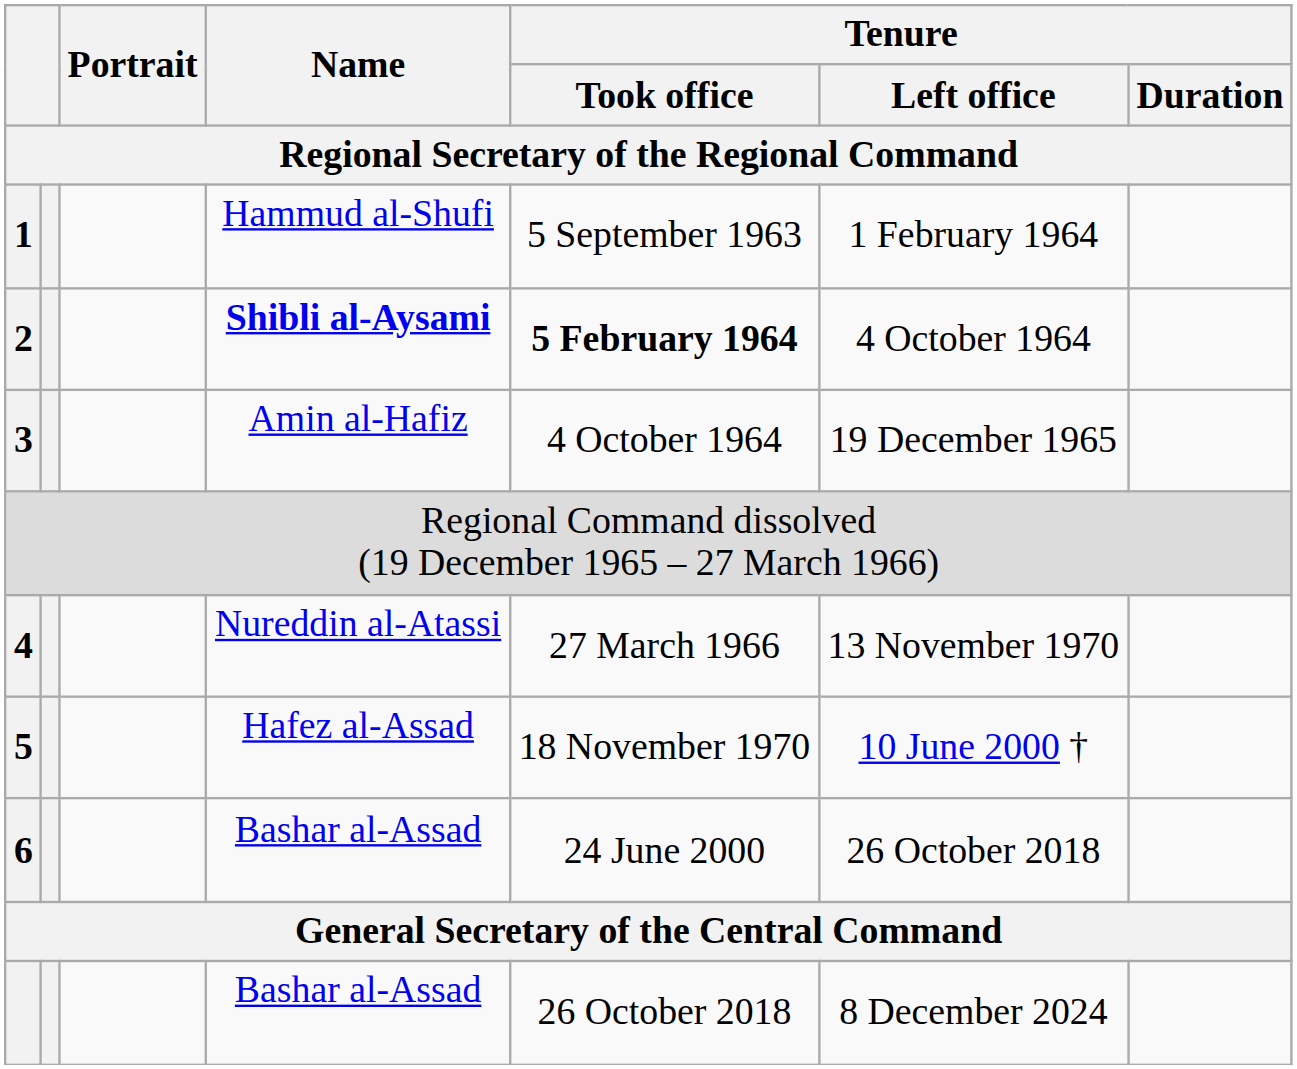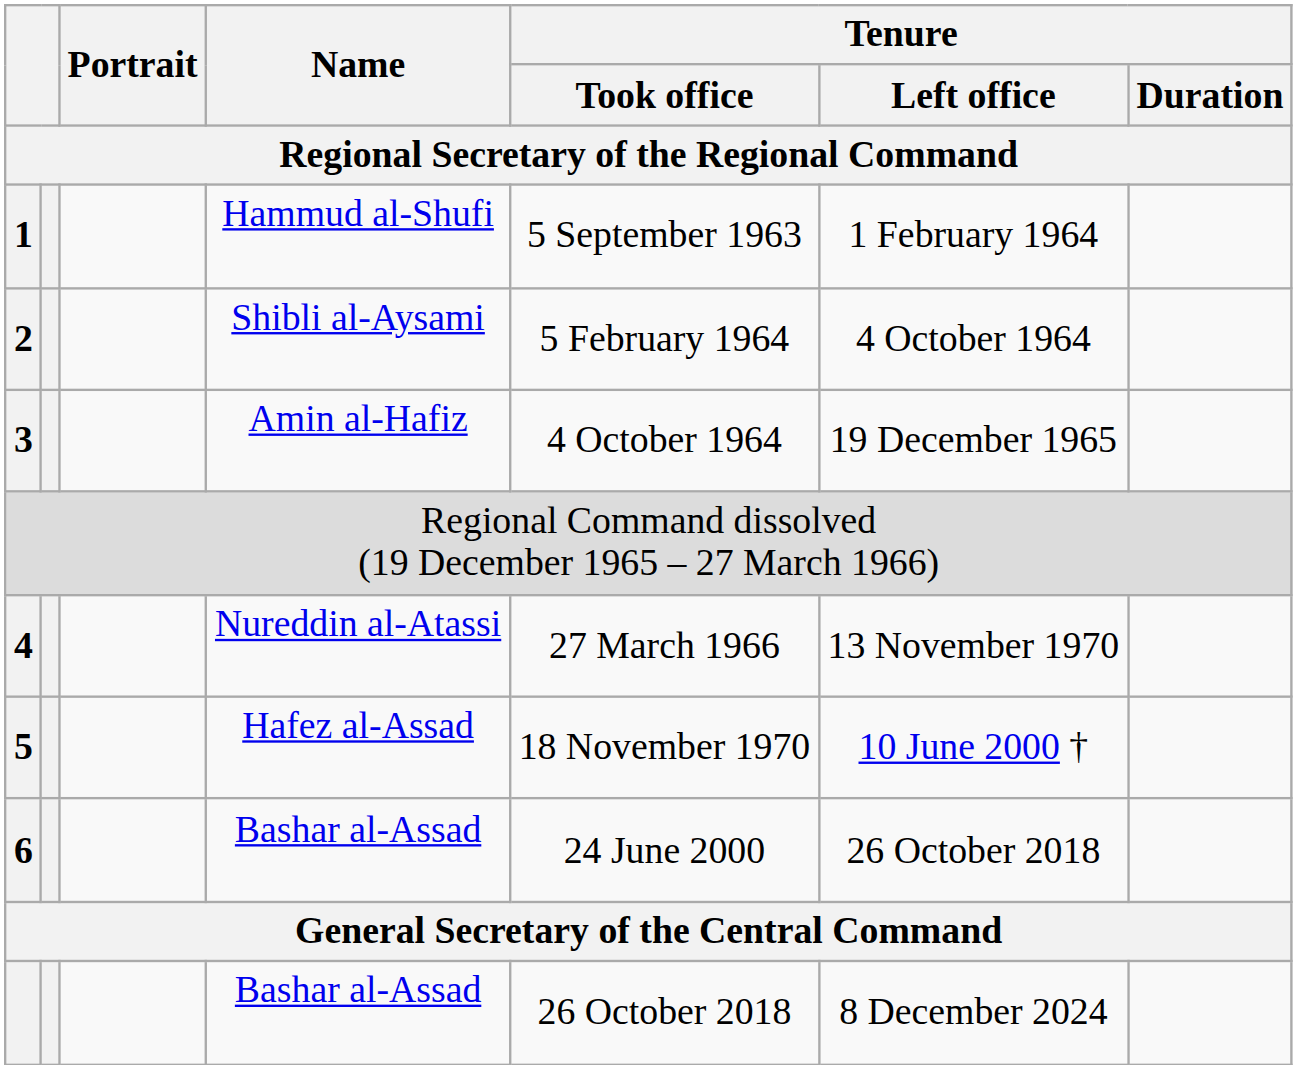 <table class="wikitable" style="text-align:center">
 <tr>
 <th rowspan=2 colspan=2></th>
 <th rowspan=2>Portrait</th>
 <th rowspan=2>Name<br></th>
 <th colspan=3>Tenure</th>
 </tr>
 <tr>
 <th>Took office</th>
 <th>Left office</th>
 <th>Duration</th>
 </tr>
 <tr>
 <th colspan=7>Regional Secretary of the Regional Command</th>
 </tr>
 <tr>
 <th>1</th>
 <th style="background:"></th>
 <td></td>
 <td><a href='#'>Hammud al-Shufi</a><br><br></td>
 <td>5 September 1963</td>
 <td>1 February 1964</td>
 <td></td>
 </tr>
 <tr>
 <th>2</th>
 <th style="background:"></th>
 <td></td>
-<td><strong><a href='#'>Shibli al-Aysami</a><br><br></strong></td>
-<td><strong>5 February 1964</strong></td>
+<td><a href='#'>Shibli al-Aysami</a><br><br></td>
+<td>5 February 1964</td>
 <td>4 October 1964</td>
 <td></td>
 </tr>
 <tr>
 <th>3</th>
 <th style="background:"></th>
 <td></td>
 <td><a href='#'>Amin al-Hafiz</a><br><br></td>
 <td>4 October 1964</td>
 <td>19 December 1965</td>
 <td></td>
 </tr>
 <tr style="background:#DCDCDC">
 <td colspan=7>Regional Command dissolved<br>(19 December 1965 – 27 March 1966)</td>
 </tr>
 <tr>
 <th>4</th>
 <th style="background:"></th>
 <td></td>
 <td><a href='#'>Nureddin al-Atassi</a><br><br></td>
 <td>27 March 1966</td>
 <td>13 November 1970</td>
 <td></td>
 </tr>
 <tr>
 <th>5</th>
 <th style="background:"></th>
 <td></td>
 <td><a href='#'>Hafez al-Assad</a><br><br></td>
 <td>18 November 1970</td>
 <td><a href='#'>10 June 2000</a> †</td>
 <td></td>
 </tr>
 <tr>
 <th>6</th>
 <th style="background:"></th>
 <td></td>
 <td><a href='#'>Bashar al-Assad</a><br><br></td>
 <td>24 June 2000</td>
 <td>26 October 2018</td>
 <td></td>
 </tr>
 <tr>
 <th colspan=7>General Secretary of the Central Command</th>
 </tr>
 <tr>
 <th></th>
 <th style="background:"></th>
 <td></td>
 <td><a href='#'>Bashar al-Assad</a><br><br></td>
 <td>26 October 2018</td>
 <td>8 December 2024</td>
 <td></td>
 </tr>
 </table>
